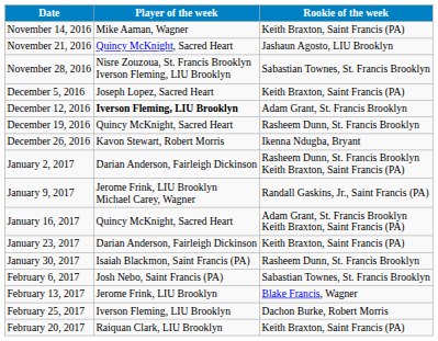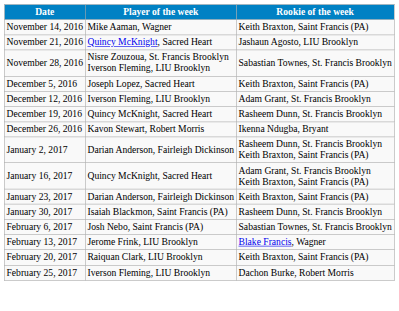 <table class="wikitable" border="1">
 <tr>
 <th align="center" style="background:#0081C4; color:#FFFFFF;">Date</th>
 <th align="center" style="background:#0081C4; color:#FFFFFF;">Player of the week</th>
 <th align="center" style="background:#0081C4; color:#FFFFFF;">Rookie of the week</th>
 </tr>
 <tr>
 <td>November 14, 2016</td>
 <td>Mike Aaman, Wagner</td>
 <td>Keith Braxton, Saint Francis (PA)</td>
 </tr>
 <tr>
 <td>November 21, 2016</td>
 <td><a href='#'>Quincy McKnight</a>, Sacred Heart</td>
 <td>Jashaun Agosto, LIU Brooklyn</td>
 </tr>
 <tr>
 <td>November 28, 2016</td>
 <td>Nisre Zouzoua, St. Francis Brooklyn<br>Iverson Fleming, LIU Brooklyn</td>
 <td>Sabastian Townes, St. Francis Brooklyn</td>
 </tr>
 <tr>
 <td>December 5, 2016</td>
 <td>Joseph Lopez, Sacred Heart</td>
 <td>Keith Braxton, Saint Francis (PA)</td>
 </tr>
 <tr>
 <td>December 12, 2016</td>
-<td><strong>Iverson Fleming, LIU Brooklyn</strong></td>
+<td>Iverson Fleming, LIU Brooklyn</td>
 <td>Adam Grant, St. Francis Brooklyn</td>
 </tr>
 <tr>
 <td>December 19, 2016</td>
 <td>Quincy McKnight, Sacred Heart</td>
 <td>Rasheem Dunn, St. Francis Brooklyn</td>
 </tr>
 <tr>
 <td>December 26, 2016</td>
 <td>Kavon Stewart, Robert Morris</td>
 <td>Ikenna Ndugba, Bryant</td>
 </tr>
 <tr>
 <td>January 2, 2017</td>
 <td>Darian Anderson, Fairleigh Dickinson</td>
 <td>Rasheem Dunn, St. Francis Brooklyn<br>Keith Braxton, Saint Francis (PA)</td>
-</tr>
-<tr>
-<td>January 9, 2017</td>
-<td>Jerome Frink, LIU Brooklyn<br> Michael Carey, Wagner</td>
-<td>Randall Gaskins, Jr., Saint Francis (PA)</td>
 </tr>
 <tr>
 <td>January 16, 2017</td>
 <td>Quincy McKnight, Sacred Heart</td>
 <td>Adam Grant, St. Francis Brooklyn<br> Keith Braxton, Saint Francis (PA)</td>
 </tr>
 <tr>
 <td>January 23, 2017</td>
 <td>Darian Anderson, Fairleigh Dickinson</td>
 <td>Keith Braxton, Saint Francis (PA)</td>
 </tr>
 <tr>
 <td>January 30, 2017</td>
 <td>Isaiah Blackmon, Saint Francis (PA)</td>
 <td>Rasheem Dunn, St. Francis Brooklyn</td>
 </tr>
 <tr>
 <td>February 6, 2017</td>
 <td>Josh Nebo, Saint Francis (PA)</td>
 <td>Sabastian Townes, St. Francis Brooklyn</td>
 </tr>
 <tr>
 <td>February 13, 2017</td>
 <td>Jerome Frink, LIU Brooklyn</td>
 <td><a href='#'>Blake Francis</a>, Wagner</td>
 </tr>
 <tr>
+<td>February 20, 2017</td>
+<td>Raiquan Clark, LIU Brooklyn</td>
+<td>Keith Braxton, Saint Francis (PA)</td>
+</tr>
+<tr>
 <td>February 25, 2017</td>
 <td>Iverson Fleming, LIU Brooklyn</td>
 <td>Dachon Burke, Robert Morris</td>
 </tr>
-<tr>
-<td>February 20, 2017</td>
-<td>Raiquan Clark, LIU Brooklyn</td>
-<td>Keith Braxton, Saint Francis (PA)</td>
-</tr>
 </table>
